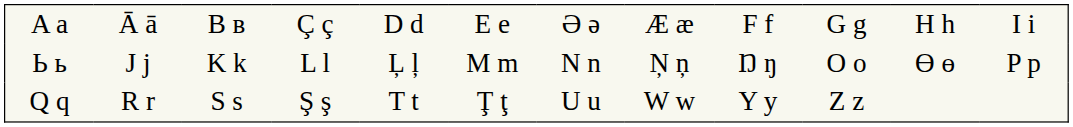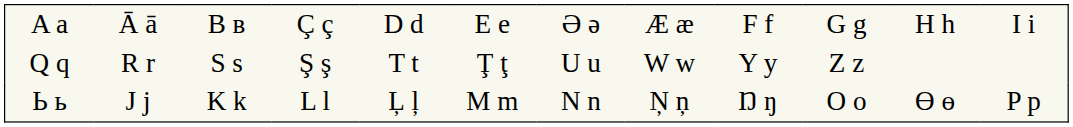 <table style="font-family:Arial Unicode MS; font-size:1.4em; border-color:#000000; border-width:1px; border-style:solid; border-collapse:collapse; background-color:#F8F8EF">
 <tr>
 <td style="width:3em; text-align:center; padding: 3px;">A a</td>
 <td style="width:3em; text-align:center; padding: 3px;">Ā ā</td>
 <td style="width:3em; text-align:center; padding: 3px;">B ʙ</td>
 <td style="width:3em; text-align:center; padding: 3px;">Ç ç</td>
 <td style="width:3em; text-align:center; padding: 3px;">D d</td>
 <td style="width:3em; text-align:center; padding: 3px;">E e</td>
 <td style="width:3em; text-align:center; padding: 3px;">Ə ə</td>
 <td style="width:3em; text-align:center; padding: 3px;">Æ æ</td>
 <td style="width:3em; text-align:center; padding: 3px;">F f</td>
 <td style="width:3em; text-align:center; padding: 3px;">G g</td>
 <td style="width:3em; text-align:center; padding: 3px;">H h</td>
 <td style="width:3em; text-align:center; padding: 3px;">I i</td>
 </tr>
 <tr>
+<td style="width:3em; text-align:center; padding: 3px;">Q q</td>
+<td style="width:3em; text-align:center; padding: 3px;">R r</td>
+<td style="width:3em; text-align:center; padding: 3px;">S s</td>
+<td style="width:3em; text-align:center; padding: 3px;">Ş ş</td>
+<td style="width:3em; text-align:center; padding: 3px;">T t</td>
+<td style="width:3em; text-align:center; padding: 3px;">Ţ ţ</td>
+<td style="width:3em; text-align:center; padding: 3px;">U u</td>
+<td style="width:3em; text-align:center; padding: 3px;">W w</td>
+<td style="width:3em; text-align:center; padding: 3px;">Y y</td>
+<td style="width:3em; text-align:center; padding: 3px;">Z z</td>
+<td></td>
+<td></td>
+</tr>
+<tr>
 <td style="width:3em; text-align:center; padding: 3px;">Ь ь</td>
 <td style="width:3em; text-align:center; padding: 3px;">J j</td>
 <td style="width:3em; text-align:center; padding: 3px;">K k</td>
 <td style="width:3em; text-align:center; padding: 3px;">L l</td>
 <td style="width:3em; text-align:center; padding: 3px;">Ļ ļ</td>
 <td style="width:3em; text-align:center; padding: 3px;">M m</td>
 <td style="width:3em; text-align:center; padding: 3px;">N n</td>
 <td style="width:3em; text-align:center; padding: 3px;">Ņ ņ</td>
 <td style="width:3em; text-align:center; padding: 3px;">Ŋ ŋ</td>
 <td style="width:3em; text-align:center; padding: 3px;">O o</td>
 <td style="width:3em; text-align:center; padding: 3px;">Ɵ ɵ</td>
 <td style="width:3em; text-align:center; padding: 3px;">P p</td>
 </tr>
-<tr>
-<td style="width:3em; text-align:center; padding: 3px;">Q q</td>
-<td style="width:3em; text-align:center; padding: 3px;">R r</td>
-<td style="width:3em; text-align:center; padding: 3px;">S s</td>
-<td style="width:3em; text-align:center; padding: 3px;">Ş ş</td>
-<td style="width:3em; text-align:center; padding: 3px;">T t</td>
-<td style="width:3em; text-align:center; padding: 3px;">Ţ ţ</td>
-<td style="width:3em; text-align:center; padding: 3px;">U u</td>
-<td style="width:3em; text-align:center; padding: 3px;">W w</td>
-<td style="width:3em; text-align:center; padding: 3px;">Y y</td>
-<td style="width:3em; text-align:center; padding: 3px;">Z z</td>
-<td></td>
-<td></td>
-</tr>
 </table>
